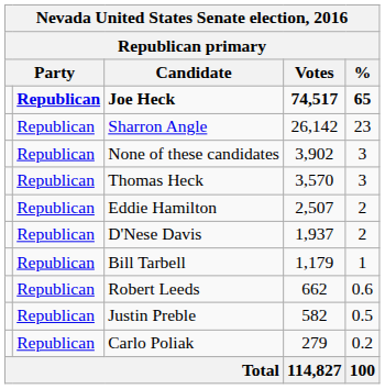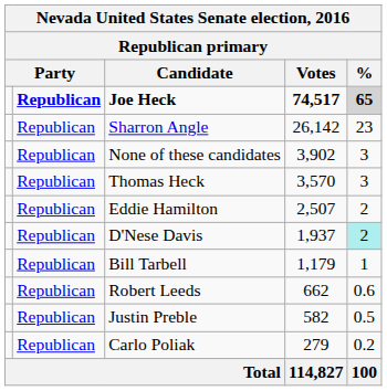 <table class=wikitable>
 <tr>
 <th colspan = 6>Nevada United States Senate election, 2016</th>
 </tr>
 <tr>
 <th colspan = 6>Republican primary</th>
 </tr>
 <tr>
 <th colspan=2>Party</th>
 <th>Candidate</th>
 <th>Votes</th>
 <th>%</th>
 </tr>
 <tr>
 <td></td>
 <td><strong><a href='#'>Republican</a></strong></td>
 <td><strong>Joe Heck</strong></td>
 <td align=center><strong>74,517</strong></td>
-<td align=center><strong>65</strong></td>
+<td align=center style="background: lightgrey;"><strong>65</strong></td>
 </tr>
 <tr>
 <td></td>
 <td><a href='#'>Republican</a></td>
 <td><a href='#'>Sharron Angle</a></td>
 <td align=center>26,142</td>
 <td align=center>23</td>
 </tr>
 <tr>
 <td></td>
 <td><a href='#'>Republican</a></td>
 <td>None of these candidates</td>
 <td align=center>3,902</td>
 <td align=center>3</td>
 </tr>
 <tr>
 <td></td>
 <td><a href='#'>Republican</a></td>
 <td>Thomas Heck</td>
 <td align=center>3,570</td>
 <td align=center>3</td>
 </tr>
 <tr>
 <td></td>
 <td><a href='#'>Republican</a></td>
 <td>Eddie Hamilton</td>
 <td align=center>2,507</td>
 <td align=center>2</td>
 </tr>
 <tr>
 <td></td>
 <td><a href='#'>Republican</a></td>
 <td>D'Nese Davis</td>
 <td align=center>1,937</td>
-<td align=center>2</td>
+<td align=center style="background: paleturquoise;">2</td>
 </tr>
 <tr>
 <td></td>
 <td><a href='#'>Republican</a></td>
 <td>Bill Tarbell</td>
 <td align=center>1,179</td>
 <td align=center>1</td>
 </tr>
 <tr>
 <td></td>
 <td><a href='#'>Republican</a></td>
 <td>Robert Leeds</td>
 <td align=center>662</td>
 <td align=center>0.6</td>
 </tr>
 <tr>
 <td></td>
 <td><a href='#'>Republican</a></td>
 <td>Justin Preble</td>
 <td align=center>582</td>
 <td align=center>0.5</td>
 </tr>
 <tr>
 <td></td>
 <td><a href='#'>Republican</a></td>
 <td>Carlo Poliak</td>
 <td align=center>279</td>
 <td align=center>0.2</td>
 </tr>
 <tr>
 <th colspan=3; style="text-align:right;">Total</th>
 <th align=center>114,827</th>
 <th align=center>100</th>
 </tr>
 </table>
